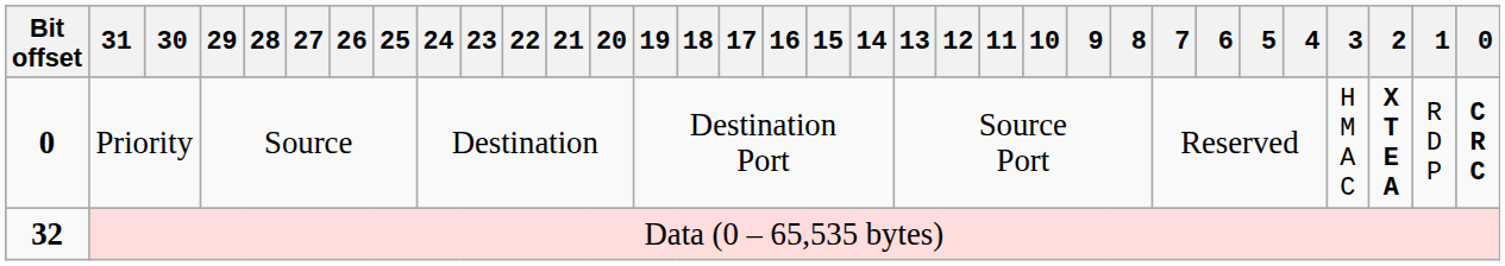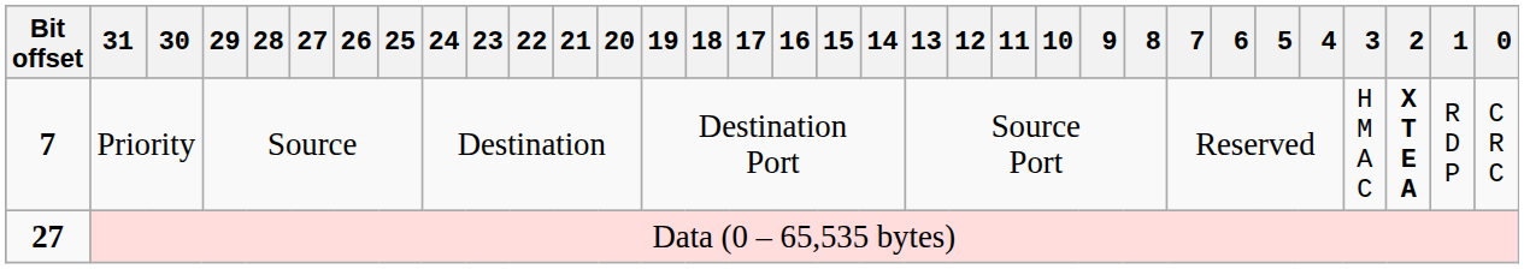 <table class="wikitable" style="text-align:center">
 <tr style="font-family:monospace, monospace; font-size:small;">
 <th style="font-family:Arial;">Bit offset</th>
 <th>31</th>
 <th>30</th>
 <th>29</th>
 <th>28</th>
 <th>27</th>
 <th>26</th>
 <th>25</th>
 <th>24</th>
 <th>23</th>
 <th>22</th>
 <th>21</th>
 <th>20</th>
 <th>19</th>
 <th>18</th>
 <th>17</th>
 <th>16</th>
 <th>15</th>
 <th>14</th>
 <th>13</th>
 <th>12</th>
 <th>11</th>
 <th>10</th>
 <th> 9</th>
 <th> 8</th>
 <th> 7</th>
 <th> 6</th>
 <th> 5</th>
 <th> 4</th>
 <th> 3</th>
 <th> 2</th>
 <th> 1</th>
 <th> 0</th>
 </tr>
 <tr>
-<td><strong>0</strong></td>
+<td><strong>7</strong></td>
 <td colspan="2">Priority</td>
 <td colspan="5">Source</td>
 <td colspan="5">Destination</td>
 <td colspan="6">Destination<br>Port</td>
 <td colspan="6">Source<br>Port</td>
 <td colspan="4">Reserved</td>
 <td style="font-family:monospace, monospace; font-size:small;">H<br>M<br>A<br>C</td>
 <td style="font-family:monospace, monospace; font-size:small;"><strong>X<br>T<br>E<br>A</strong></td>
 <td style="font-family:monospace, monospace; font-size:small;">R<br>D<br>P</td>
-<td style="font-family:monospace, monospace; font-size:small;"><strong>C<br>R<br>C</strong></td>
+<td style="font-family:monospace, monospace; font-size:small;">C<br>R<br>C</td>
 </tr>
 <tr>
-<td><strong>32</strong></td>
+<td><strong>27</strong></td>
 <td colspan="32" style="background:#FFDDDD;">Data (0 – 65,535 bytes)</td>
 </tr>
 </table>
